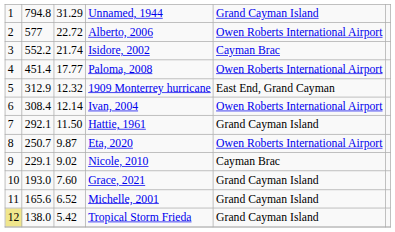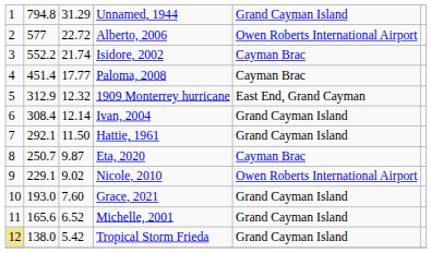 <table class="wikitable"  style="floatt:center; clear:center; margin:0.5em 0 0.5em 1em;">
 <tr>
 <td>1</td>
 <td>794.8</td>
 <td>31.29</td>
 <td><a href='#'>Unnamed, 1944</a></td>
 <td><a href='#'>Grand Cayman Island</a></td>
 <td></td>
 </tr>
 <tr>
 <td>2</td>
 <td>577</td>
 <td>22.72</td>
 <td><a href='#'>Alberto, 2006</a></td>
 <td><a href='#'>Owen Roberts International Airport</a></td>
 <td></td>
 </tr>
 <tr>
 <td>3</td>
 <td>552.2</td>
 <td>21.74</td>
 <td><a href='#'>Isidore, 2002</a></td>
 <td><a href='#'>Cayman Brac</a></td>
 <td></td>
 </tr>
 <tr>
 <td>4</td>
 <td>451.4</td>
 <td>17.77</td>
 <td><a href='#'>Paloma, 2008</a></td>
-<td><a href='#'>Owen Roberts International Airport</a></td>
+<td>Cayman Brac</td>
 <td></td>
 </tr>
 <tr>
 <td>5</td>
 <td>312.9</td>
 <td>12.32</td>
 <td><a href='#'>1909 Monterrey hurricane</a></td>
 <td>East End, Grand Cayman</td>
 <td></td>
 </tr>
 <tr>
 <td>6</td>
 <td>308.4</td>
 <td>12.14</td>
 <td><a href='#'>Ivan, 2004</a></td>
-<td><a href='#'>Owen Roberts International Airport</a></td>
+<td>Grand Cayman Island</td>
 <td></td>
 </tr>
 <tr>
 <td>7</td>
 <td>292.1</td>
 <td>11.50</td>
 <td><a href='#'>Hattie, 1961</a></td>
 <td>Grand Cayman Island</td>
 <td></td>
 </tr>
 <tr>
 <td>8</td>
 <td>250.7</td>
 <td>9.87</td>
 <td><a href='#'>Eta, 2020</a></td>
-<td><a href='#'>Owen Roberts International Airport</a></td>
+<td><a href='#'>Cayman Brac</a></td>
 <td></td>
 </tr>
 <tr>
 <td>9</td>
 <td>229.1</td>
 <td>9.02</td>
 <td><a href='#'>Nicole, 2010</a></td>
-<td>Cayman Brac</td>
+<td><a href='#'>Owen Roberts International Airport</a></td>
 <td></td>
 </tr>
 <tr>
 <td>10</td>
 <td>193.0</td>
 <td>7.60</td>
 <td><a href='#'>Grace, 2021</a></td>
 <td>Grand Cayman Island</td>
 <td></td>
 </tr>
 <tr>
 <td>11</td>
 <td>165.6</td>
 <td>6.52</td>
 <td><a href='#'>Michelle, 2001</a></td>
 <td>Grand Cayman Island</td>
 <td></td>
 </tr>
 <tr>
 <td style="background: khaki;">12</td>
 <td>138.0</td>
 <td>5.42</td>
 <td><a href='#'>Tropical Storm Frieda</a></td>
 <td>Grand Cayman Island</td>
 <td></td>
 </tr>
 <tr>
 </tr>
 </table>
